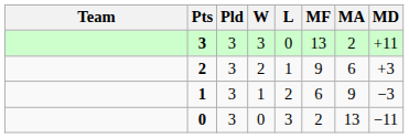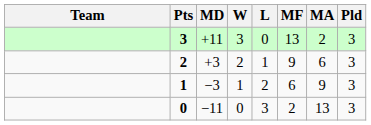 <table class=wikitable style="text-align:center">
 <tr>
 <th width=175>Team</th>
 <th width=20>Pts</th>
-<th width=20>Pld</th>
+<th width=20>MD</th>
 <th width=20>W</th>
 <th width=20>L</th>
 <th width=20>MF</th>
 <th width=20>MA</th>
-<th width=20>MD</th>
+<th width=20>Pld</th>
 </tr>
 <tr bgcolor=#ccffcc>
 <td align=left></td>
 <td><strong>3</strong></td>
-<td>3</td>
+<td>+11</td>
 <td>3</td>
 <td>0</td>
 <td>13</td>
 <td>2</td>
-<td>+11</td>
+<td>3</td>
 </tr>
 <tr>
 <td align=left></td>
 <td><strong>2</strong></td>
-<td>3</td>
+<td>+3</td>
 <td>2</td>
 <td>1</td>
 <td>9</td>
 <td>6</td>
-<td>+3</td>
+<td>3</td>
 </tr>
 <tr>
 <td align=left></td>
 <td><strong>1</strong></td>
-<td>3</td>
+<td>−3</td>
 <td>1</td>
 <td>2</td>
 <td>6</td>
 <td>9</td>
-<td>−3</td>
+<td>3</td>
 </tr>
 <tr>
 <td align=left></td>
 <td><strong>0</strong></td>
-<td>3</td>
+<td>−11</td>
 <td>0</td>
 <td>3</td>
 <td>2</td>
 <td>13</td>
-<td>−11</td>
+<td>3</td>
 </tr>
 </table>
